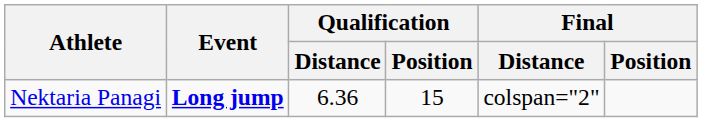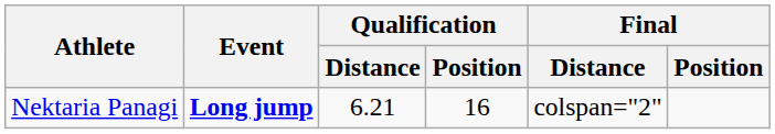 <table class="wikitable">
 <tr>
 <th rowspan="2">Athlete</th>
 <th rowspan="2">Event</th>
 <th colspan="2">Qualification</th>
 <th colspan="2">Final</th>
 </tr>
 <tr>
 <th>Distance</th>
 <th>Position</th>
 <th>Distance</th>
 <th>Position</th>
 </tr>
 <tr style=text-align:center>
 <td style=text-align:left><a href='#'>Nektaria Panagi</a></td>
 <td style=text-align:left><strong><a href='#'>Long jump</a></strong></td>
-<td>6.36</td>
-<td>15</td>
+<td>6.21</td>
+<td>16</td>
 <td>colspan="2" </td>
 </tr>
 </table>
